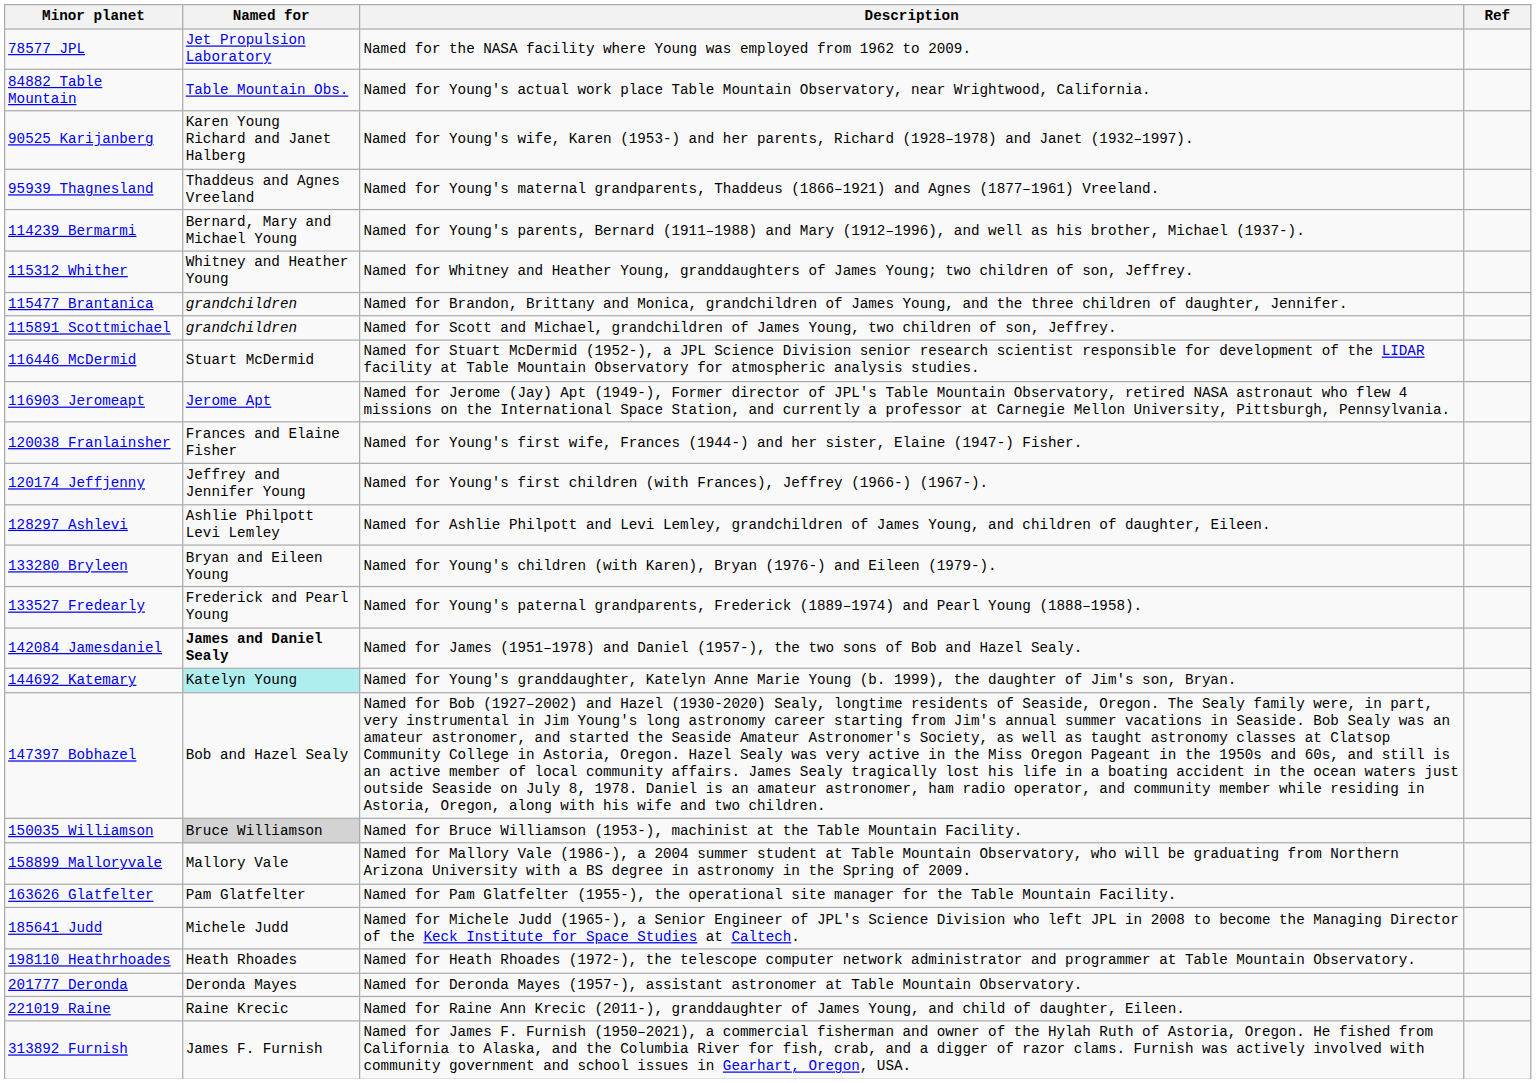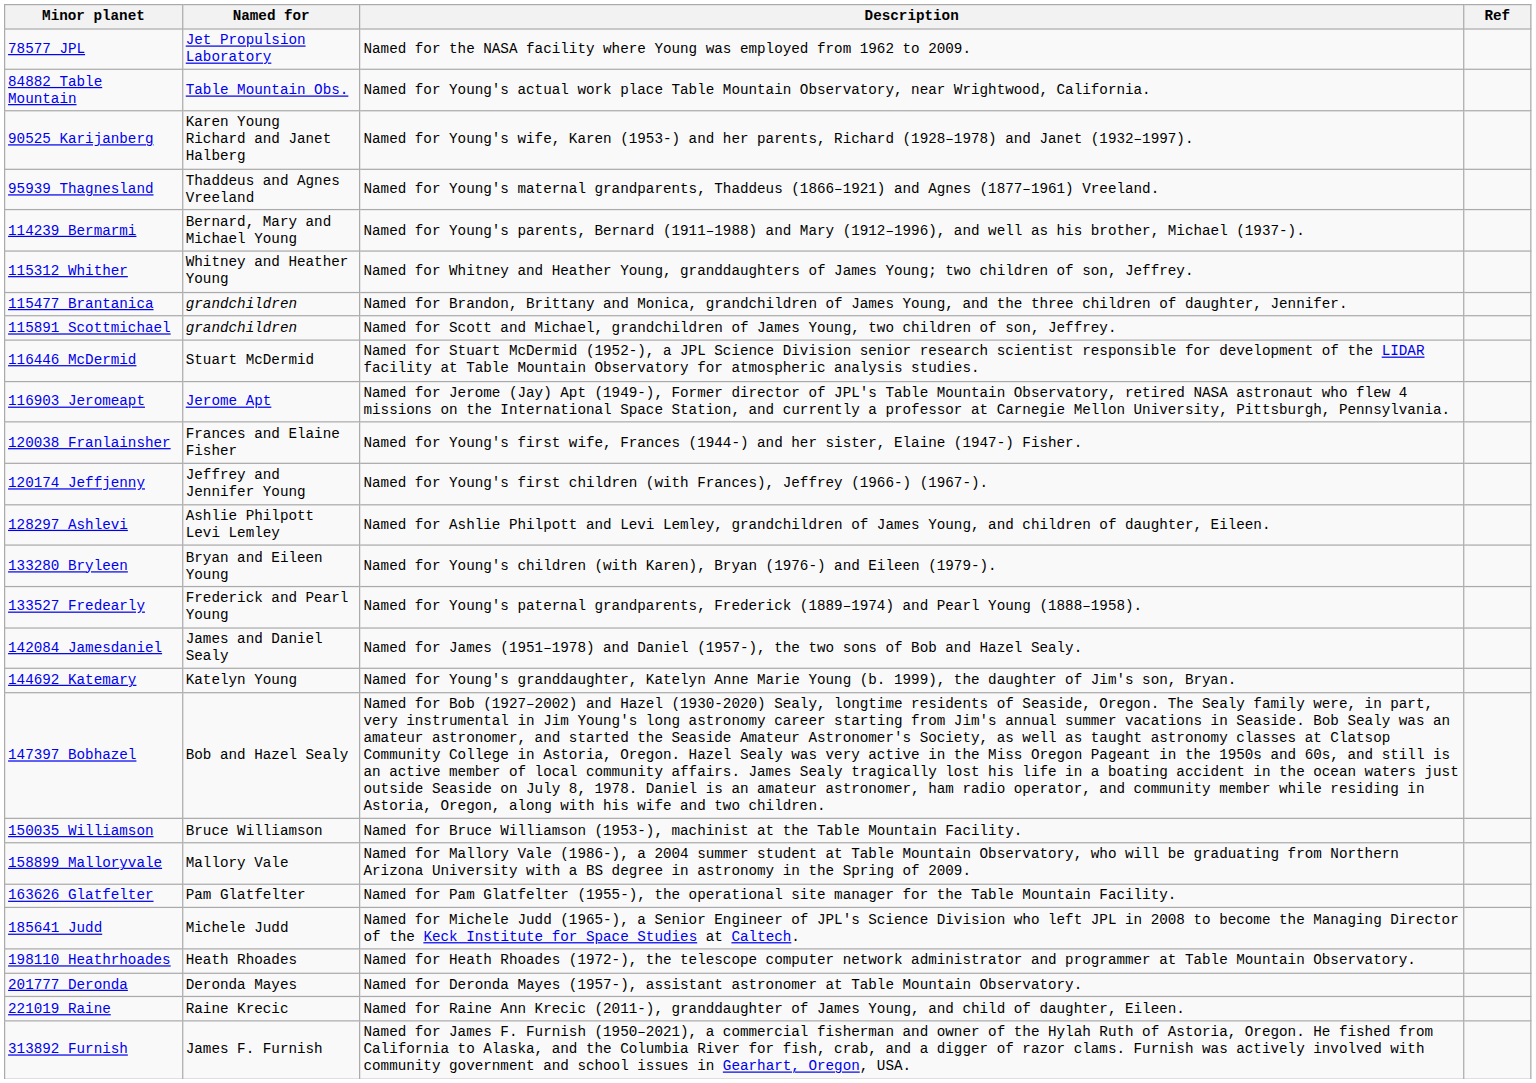 <table class="wikitable" style="font-size: 90%">
 <tr>
 <th width=140>Minor planet</th>
 <th width=140>Named for</th>
 <th>Description</th>
 <th width=50>Ref</th>
 </tr>
 <tr>
 <td><a href='#'>78577 JPL</a></td>
 <td><a href='#'>Jet Propulsion Laboratory</a></td>
 <td>Named for the NASA facility where Young was employed from 1962 to 2009.</td>
 <td></td>
 </tr>
 <tr>
 <td><a href='#'>84882 Table Mountain</a></td>
 <td><a href='#'>Table Mountain Obs.</a></td>
 <td>Named for Young's actual work place Table Mountain Observatory, near Wrightwood, California.</td>
 <td></td>
 </tr>
 <tr>
 <td><a href='#'>90525 Karijanberg</a></td>
 <td>Karen Young<br>Richard and Janet Halberg</td>
 <td>Named for Young's wife, Karen (1953-) and her parents, Richard (1928–1978) and Janet (1932–1997).</td>
 <td></td>
 </tr>
 <tr>
 <td><a href='#'>95939 Thagnesland</a></td>
 <td>Thaddeus and Agnes Vreeland</td>
 <td>Named for Young's maternal grandparents, Thaddeus (1866–1921) and Agnes (1877–1961) Vreeland.</td>
 <td></td>
 </tr>
 <tr>
 <td><a href='#'>114239 Bermarmi</a></td>
 <td>Bernard, Mary and Michael Young</td>
 <td>Named for Young's parents, Bernard (1911–1988) and Mary (1912–1996), and well as his brother, Michael (1937-).</td>
 <td></td>
 </tr>
 <tr>
 <td><a href='#'>115312 Whither</a></td>
 <td>Whitney and Heather Young</td>
 <td>Named for Whitney and Heather Young, granddaughters of James Young; two children of son, Jeffrey.</td>
 <td></td>
 </tr>
 <tr>
 <td><a href='#'>115477 Brantanica</a></td>
 <td><em>grandchildren</em></td>
 <td>Named for Brandon, Brittany and Monica, grandchildren of James Young, and the three children of daughter, Jennifer.</td>
 <td></td>
 </tr>
 <tr>
 <td><a href='#'>115891 Scottmichael</a></td>
 <td><em>grandchildren</em></td>
 <td>Named for Scott and Michael, grandchildren of James Young, two children of son, Jeffrey.</td>
 <td></td>
 </tr>
 <tr>
 <td><a href='#'>116446 McDermid</a></td>
 <td>Stuart McDermid</td>
 <td>Named for Stuart McDermid (1952-), a JPL Science Division senior research scientist responsible for development of the <a href='#'>LIDAR</a> facility at Table Mountain Observatory for atmospheric analysis studies.</td>
 <td></td>
 </tr>
 <tr>
 <td><a href='#'>116903 Jeromeapt</a></td>
 <td><a href='#'>Jerome Apt</a></td>
 <td>Named for Jerome (Jay) Apt (1949-), Former director of JPL's Table Mountain Observatory, retired NASA astronaut who flew 4 missions on the International Space Station, and currently a professor at Carnegie Mellon University, Pittsburgh, Pennsylvania.</td>
 <td></td>
 </tr>
 <tr>
 <td><a href='#'>120038 Franlainsher</a></td>
 <td>Frances and Elaine Fisher</td>
 <td>Named for Young's first wife, Frances (1944-) and her sister, Elaine (1947-) Fisher.</td>
 <td></td>
 </tr>
 <tr>
 <td><a href='#'>120174 Jeffjenny</a></td>
 <td>Jeffrey and Jennifer Young</td>
 <td>Named for Young's first children (with Frances), Jeffrey (1966-)  (1967-).</td>
 <td></td>
 </tr>
 <tr>
 <td><a href='#'>128297 Ashlevi</a></td>
 <td>Ashlie Philpott<br>Levi Lemley</td>
 <td>Named for Ashlie Philpott and Levi Lemley, grandchildren of James Young, and children of daughter, Eileen.</td>
 <td></td>
 </tr>
 <tr>
 <td><a href='#'>133280 Bryleen</a></td>
 <td>Bryan and Eileen Young</td>
 <td>Named for Young's children (with Karen), Bryan (1976-) and Eileen (1979-).</td>
 <td></td>
 </tr>
 <tr>
 <td><a href='#'>133527 Fredearly</a></td>
 <td>Frederick and Pearl Young</td>
 <td>Named for Young's paternal grandparents, Frederick (1889–1974) and Pearl Young (1888–1958).</td>
 <td></td>
 </tr>
 <tr>
 <td><a href='#'>142084 Jamesdaniel</a></td>
-<td><strong>James and Daniel Sealy</strong></td>
+<td>James and Daniel Sealy</td>
 <td>Named for James (1951–1978) and Daniel (1957-), the two sons of Bob and Hazel Sealy.</td>
 <td></td>
 </tr>
 <tr>
 <td><a href='#'>144692 Katemary</a></td>
-<td style="background: paleturquoise;">Katelyn Young</td>
+<td>Katelyn Young</td>
 <td>Named for Young's granddaughter, Katelyn Anne Marie Young (b. 1999), the daughter of Jim's son, Bryan.</td>
 <td></td>
 </tr>
 <tr>
 <td><a href='#'>147397 Bobhazel</a></td>
 <td>Bob and Hazel Sealy</td>
 <td>Named for Bob (1927–2002) and Hazel (1930-2020) Sealy, longtime residents of Seaside, Oregon. The Sealy family were, in part, very instrumental in Jim Young's long astronomy career starting from Jim's annual summer vacations in Seaside.  Bob Sealy was an amateur astronomer, and started the Seaside Amateur Astronomer's Society, as well as taught astronomy classes at Clatsop Community College in Astoria, Oregon.  Hazel Sealy was very active in the Miss Oregon Pageant in the 1950s and 60s, and still is an active member of local community affairs.  James Sealy tragically lost his life in a boating accident in the ocean waters just outside Seaside on July 8, 1978.  Daniel is an amateur astronomer, ham radio operator, and community member while residing in Astoria, Oregon, along with his wife and two children.</td>
 <td></td>
 </tr>
 <tr>
 <td><a href='#'>150035 Williamson</a></td>
-<td style="background: lightgrey;">Bruce Williamson</td>
+<td>Bruce Williamson</td>
 <td>Named for Bruce Williamson (1953-), machinist at the Table Mountain Facility.</td>
 <td></td>
 </tr>
 <tr>
 <td><a href='#'>158899 Malloryvale</a></td>
 <td>Mallory Vale</td>
 <td>Named for Mallory Vale (1986-), a 2004 summer student at Table Mountain Observatory, who will be graduating from Northern Arizona University with a BS degree in astronomy in the Spring of 2009.</td>
 <td></td>
 </tr>
 <tr>
 <td><a href='#'>163626 Glatfelter</a></td>
 <td>Pam Glatfelter</td>
 <td>Named for Pam Glatfelter (1955-), the operational site manager for the Table Mountain Facility.</td>
 <td></td>
 </tr>
 <tr>
 <td><a href='#'>185641 Judd</a></td>
 <td>Michele Judd</td>
 <td>Named for Michele Judd (1965-), a Senior Engineer of JPL's Science Division who left JPL in 2008 to become the Managing Director of the <a href='#'>Keck Institute for Space Studies</a> at <a href='#'>Caltech</a>.</td>
 <td></td>
 </tr>
 <tr>
 <td><a href='#'>198110 Heathrhoades</a></td>
 <td>Heath Rhoades</td>
 <td>Named for Heath Rhoades (1972-), the telescope computer network administrator and programmer at Table Mountain Observatory.</td>
 <td></td>
 </tr>
 <tr>
 <td><a href='#'>201777 Deronda</a></td>
 <td>Deronda Mayes</td>
 <td>Named for Deronda Mayes (1957-), assistant astronomer at Table Mountain Observatory.</td>
 <td></td>
 </tr>
 <tr>
 <td><a href='#'>221019 Raine</a></td>
 <td>Raine Krecic</td>
 <td>Named for Raine Ann Krecic (2011-), granddaughter of James Young, and child of daughter, Eileen.</td>
 <td></td>
 </tr>
 <tr>
 <td><a href='#'>313892 Furnish</a></td>
 <td>James F. Furnish</td>
 <td>Named for James F. Furnish (1950–2021), a commercial fisherman and owner of the Hylah Ruth of Astoria, Oregon. He fished from California to Alaska, and the Columbia River for fish, crab, and a digger of razor clams. Furnish was actively involved with community government and school issues in <a href='#'>Gearhart, Oregon</a>, USA.</td>
 <td></td>
 </tr>
 <tr>
 </tr>
 </table>
